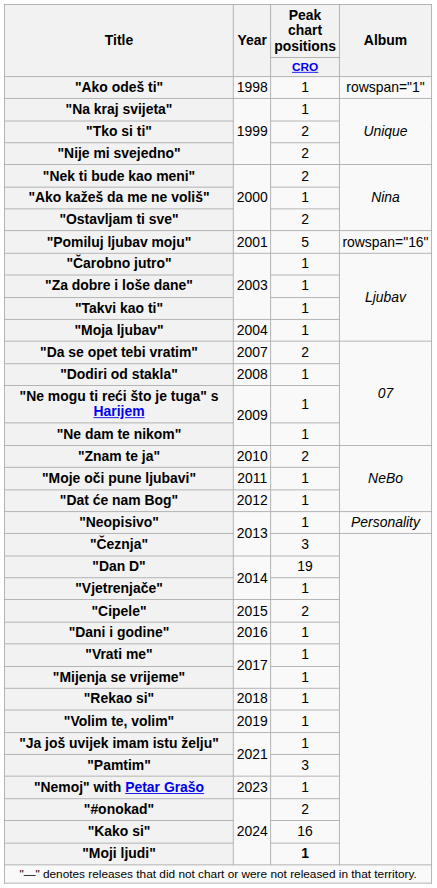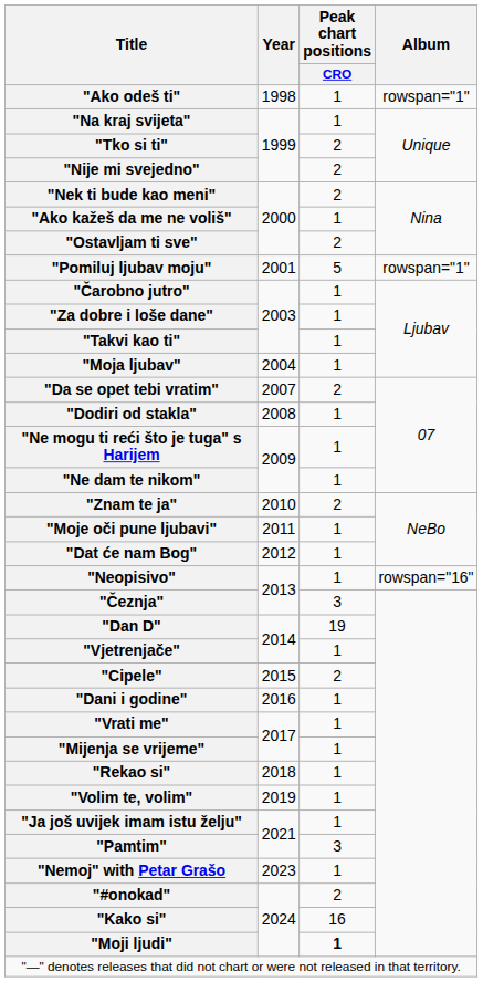 <table class="wikitable plainrowheaders" style="text-align:center;">
 <tr>
 <th scope="col" rowspan="2" style="width:16em;">Title</th>
 <th scope="col" rowspan="2" style="width:1em;">Year</th>
 <th scope="col" colspan="1">Peak chart positions</th>
 <th scope="col" rowspan="2">Album</th>
 </tr>
 <tr>
 <th scope="col" style="width:3em;font-size:85%;"><a href='#'>CRO</a><br></th>
 </tr>
 <tr>
 <th scope="row">"Ako odeš ti"</th>
 <td rowspan="1">1998</td>
 <td>1</td>
 <td>rowspan="1" </td>
 </tr>
 <tr>
 <th scope="row">"Na kraj svijeta"</th>
 <td rowspan="3">1999</td>
 <td>1</td>
 <td rowspan="3"><em>Unique</em></td>
 </tr>
 <tr>
 <th scope="row">"Tko si ti"</th>
 <td>2</td>
 </tr>
 <tr>
 <th scope="row">"Nije mi svejedno"</th>
 <td>2</td>
 </tr>
 <tr>
 <th scope="row">"Nek ti bude kao meni"</th>
 <td rowspan="3">2000</td>
 <td>2</td>
 <td rowspan="3"><em>Nina</em></td>
 </tr>
 <tr>
 <th scope="row">"Ako kažeš da me ne voliš"</th>
 <td>1</td>
 </tr>
 <tr>
 <th scope="row">"Ostavljam ti sve"</th>
 <td>2</td>
 </tr>
 <tr>
 <th scope="row">"Pomiluj ljubav moju"</th>
 <td>2001</td>
 <td>5</td>
-<td>rowspan="16" </td>
+<td>rowspan="1" </td>
 </tr>
 <tr>
 <th scope="row">"Čarobno jutro"</th>
 <td rowspan="3">2003</td>
 <td>1</td>
 <td rowspan="4"><em>Ljubav</em></td>
 </tr>
 <tr>
 <th scope="row">"Za dobre i loše dane"</th>
 <td>1</td>
 </tr>
 <tr>
 <th scope="row">"Takvi kao ti"</th>
 <td>1</td>
 </tr>
 <tr>
 <th scope="row">"Moja ljubav"</th>
 <td>2004</td>
 <td>1</td>
 </tr>
 <tr>
 <th scope="row">"Da se opet tebi vratim"</th>
 <td rowspan="1">2007</td>
 <td>2</td>
 <td rowspan="4"><em>07</em></td>
 </tr>
 <tr>
 <th scope="row">"Dodiri od stakla"</th>
 <td rowspan="1">2008</td>
 <td>1</td>
 </tr>
 <tr>
 <th scope="row">"Ne mogu ti reći što je tuga" s <a href='#'>Harijem</a></th>
 <td rowspan="2">2009</td>
 <td>1</td>
 </tr>
 <tr>
 <th scope="row">"Ne dam te nikom"</th>
 <td>1</td>
 </tr>
 <tr>
 <th scope="row">"Znam te ja"</th>
 <td rowspan="1">2010</td>
 <td>2</td>
 <td rowspan="3"><em>NeBo</em></td>
 </tr>
 <tr>
 <th scope="row">"Moje oči pune ljubavi"</th>
 <td rowspan="1">2011</td>
 <td>1</td>
 </tr>
 <tr>
 <th scope="row">"Dat će nam Bog"</th>
 <td rowspan="1">2012</td>
 <td>1</td>
 </tr>
 <tr>
 <th scope="row">"Neopisivo"</th>
 <td rowspan="2">2013</td>
 <td>1</td>
-<td rowspan="1"><em>Personality</em></td>
+<td>rowspan="16" </td>
 </tr>
 <tr>
 <th scope="row">"Čeznja"</th>
 <td>3</td>
 </tr>
 <tr>
 <th scope="row">"Dan D"</th>
 <td rowspan="2">2014</td>
 <td>19</td>
 </tr>
 <tr>
 <th scope="row">"Vjetrenjače"</th>
 <td>1</td>
 </tr>
 <tr>
 <th scope="row">"Cipele"</th>
 <td>2015</td>
 <td>2</td>
 </tr>
 <tr>
 <th scope="row">"Dani i godine"</th>
 <td rowspan="1">2016</td>
 <td>1</td>
 </tr>
 <tr>
 <th scope="row">"Vrati me"</th>
 <td rowspan="2">2017</td>
 <td>1</td>
 </tr>
 <tr>
 <th scope="row">"Mijenja se vrijeme"</th>
 <td>1</td>
 </tr>
 <tr>
 <th scope="row">"Rekao si"</th>
 <td rowspan="1">2018</td>
 <td>1</td>
 </tr>
 <tr>
 <th scope="row">"Volim te, volim"</th>
 <td rowspan="1">2019</td>
 <td>1</td>
 </tr>
 <tr>
 <th scope="row">"Ja još uvijek imam istu želju"</th>
 <td rowspan="2">2021</td>
 <td>1</td>
 </tr>
 <tr>
 <th scope="row">"Pamtim"</th>
 <td>3</td>
 </tr>
 <tr>
 <th scope="row">"Nemoj" with <a href='#'>Petar Grašo</a></th>
 <td rowspan="1">2023</td>
 <td>1</td>
 </tr>
 <tr>
 <th scope="row">"#onokad"</th>
 <td rowspan="3">2024</td>
 <td>2</td>
 </tr>
 <tr>
 <th scope="row">"Kako si"</th>
 <td>16</td>
 </tr>
 <tr>
 <th scope="row">"Moji ljudi"</th>
 <td><strong>1</strong></td>
 </tr>
 <tr>
 <td colspan="22" style="text-align:center; font-size:85%;">"—" denotes releases that did not chart or were not released in that territory.</td>
 </tr>
 </table>
